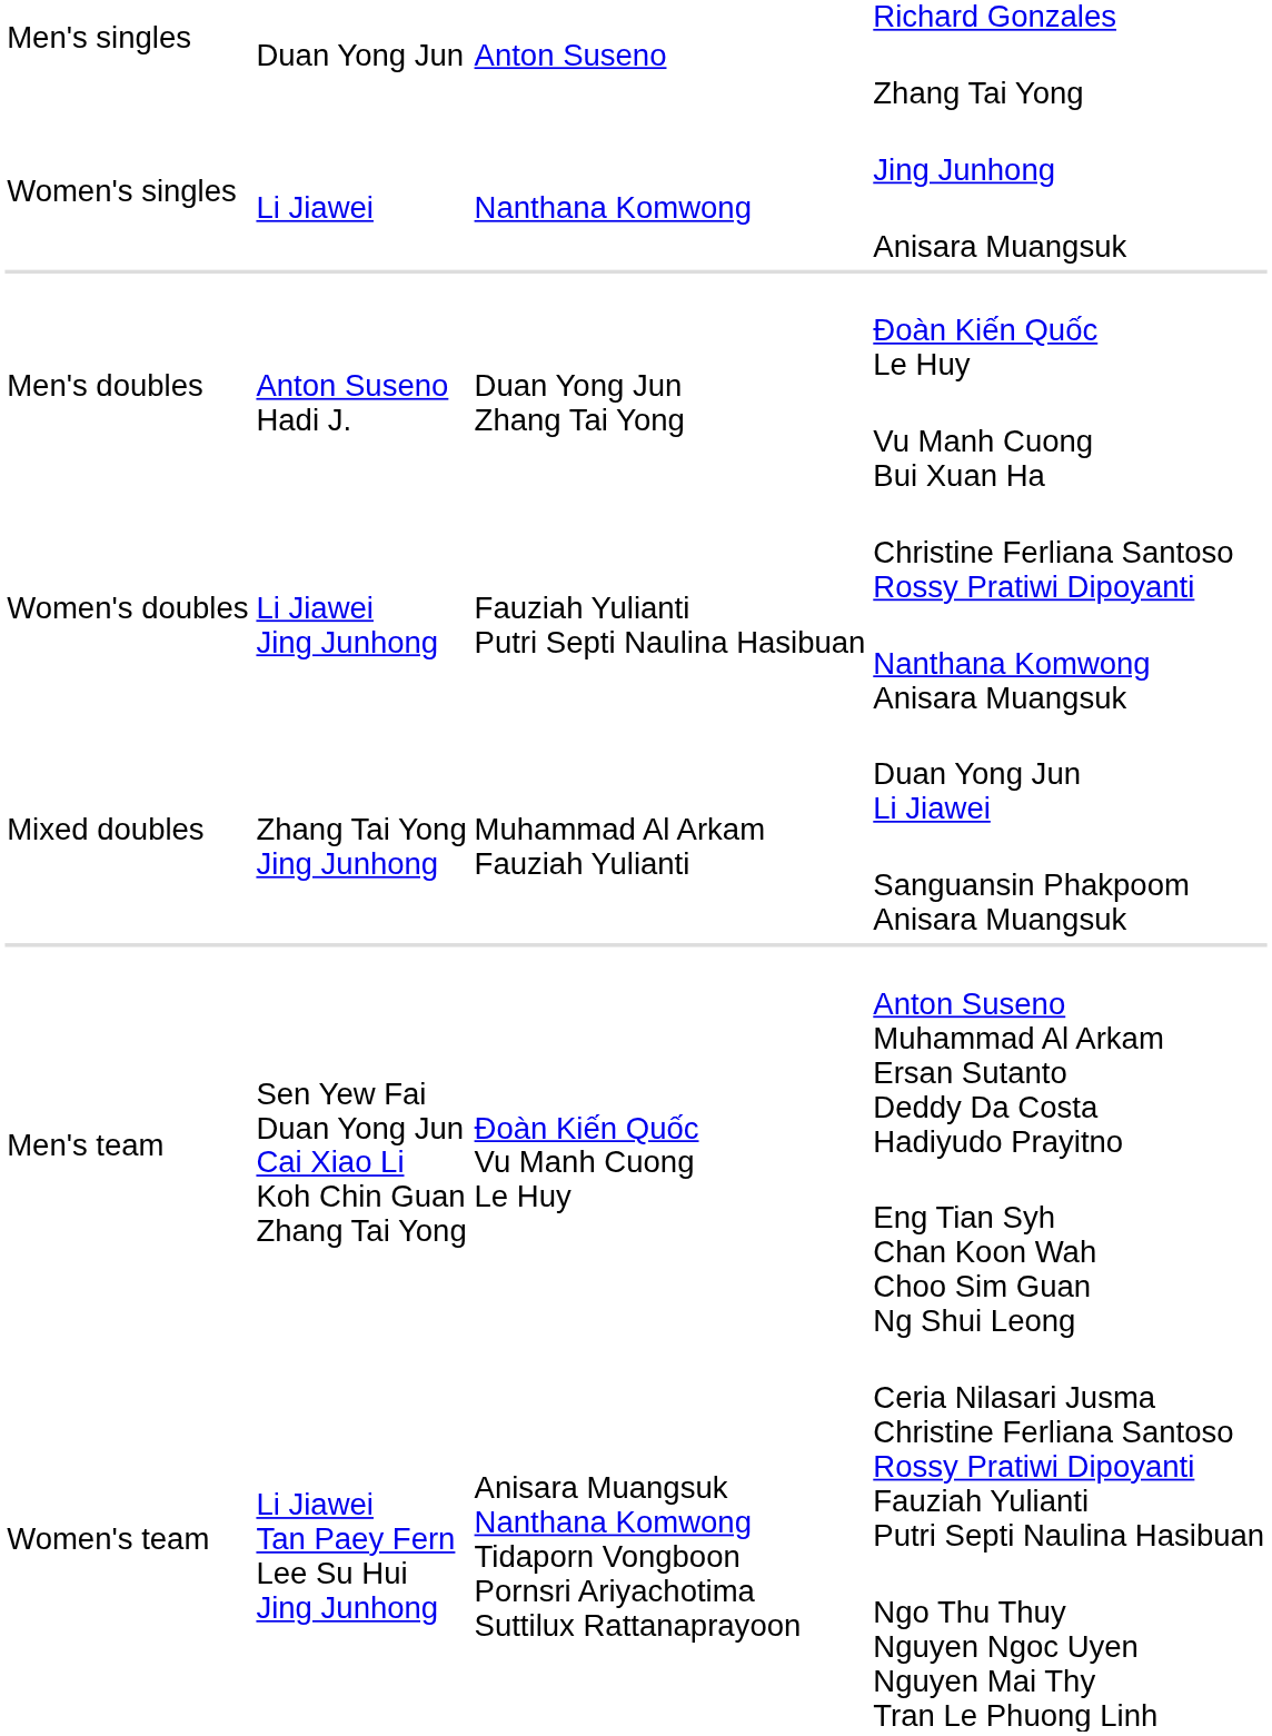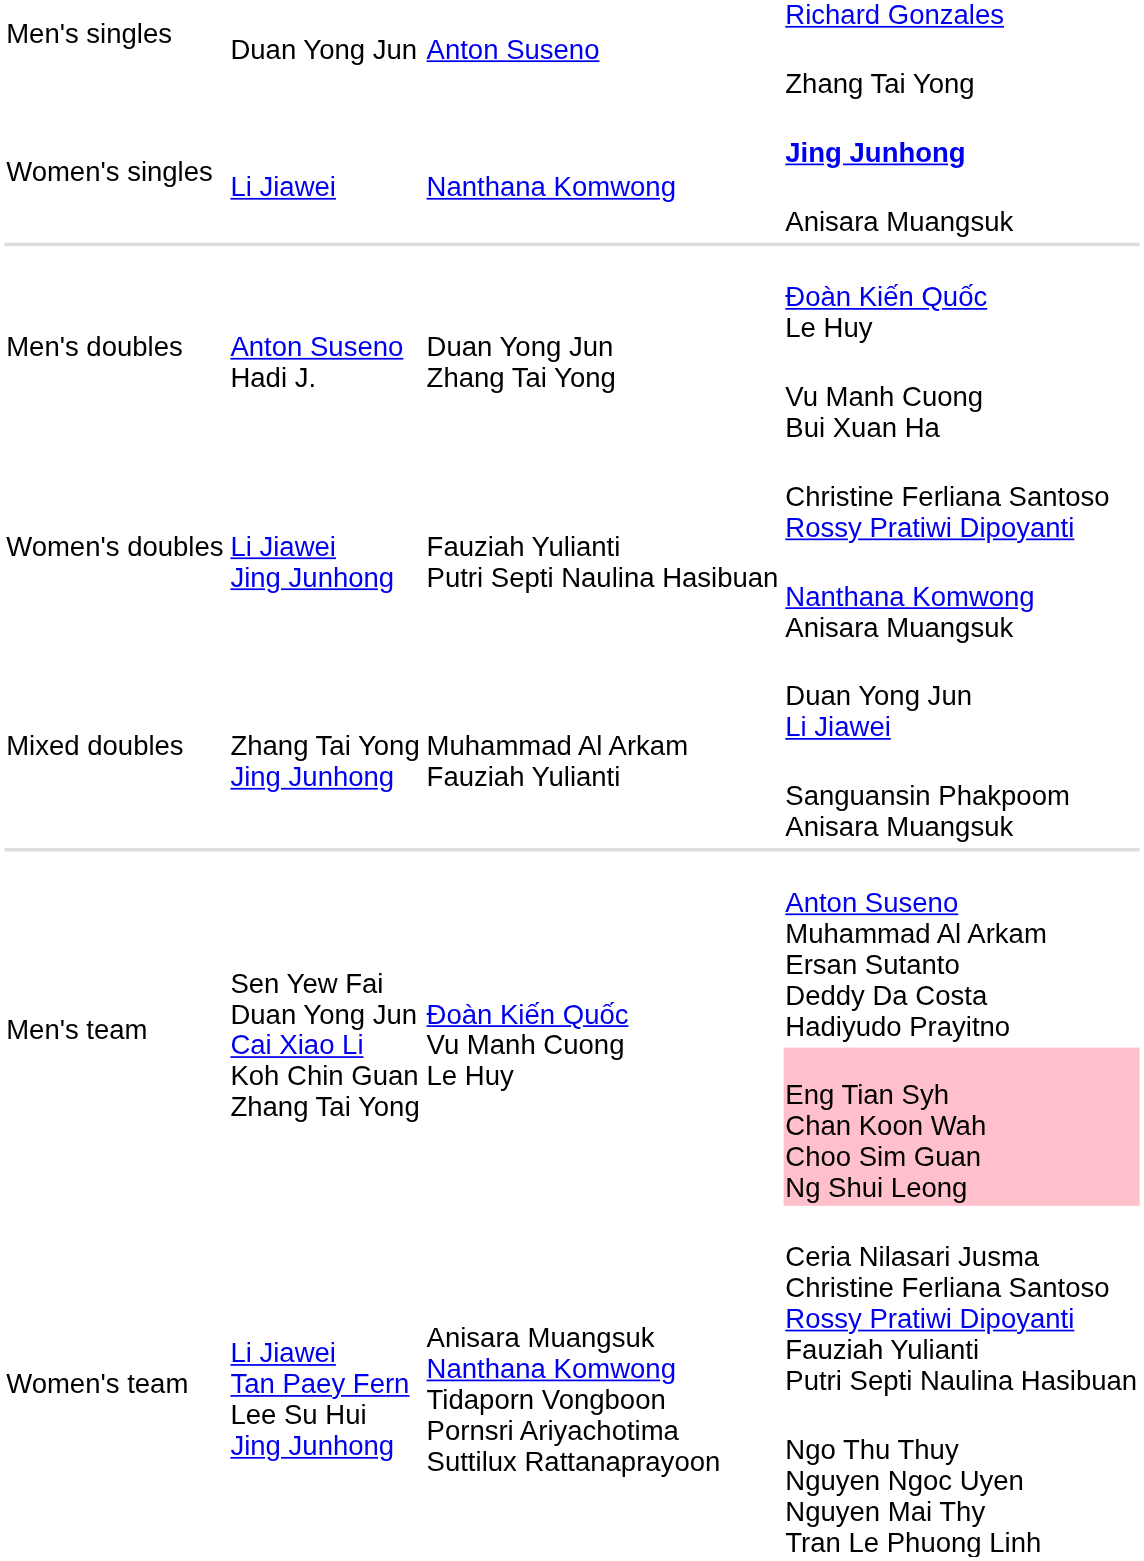 <table>
 <tr>
 <td rowspan=2>Men's singles</td>
 <td rowspan=2> <br> Duan Yong Jun</td>
 <td rowspan=2> <br> <a href='#'>Anton Suseno</a></td>
 <td> <br> <a href='#'>Richard Gonzales</a></td>
 </tr>
 <tr>
 <td> <br> Zhang Tai Yong</td>
 </tr>
 <tr>
 <td rowspan=2>Women's singles</td>
 <td rowspan=2> <br> <a href='#'>Li Jiawei</a></td>
 <td rowspan=2> <br> <a href='#'>Nanthana Komwong</a></td>
-<td> <br> <a href='#'>Jing Junhong</a></td>
+<td><strong> <br> <a href='#'>Jing Junhong</a></strong></td>
 </tr>
 <tr>
 <td> <br> Anisara Muangsuk</td>
 </tr>
 <tr bgcolor=#dddddd>
 <td colspan="4"></td>
 </tr>
 <tr>
 <td rowspan=2>Men's doubles</td>
 <td rowspan=2><br><a href='#'>Anton Suseno</a><br>Hadi J.</td>
 <td rowspan=2><br>Duan Yong Jun<br>Zhang Tai Yong</td>
 <td><br><a href='#'>Đoàn Kiến Quốc</a><br>Le Huy</td>
 </tr>
 <tr>
 <td><br>Vu Manh Cuong<br>Bui Xuan Ha</td>
 </tr>
 <tr>
 <td rowspan=2>Women's doubles</td>
 <td rowspan=2><br><a href='#'>Li Jiawei</a><br><a href='#'>Jing Junhong</a></td>
 <td rowspan=2><br>Fauziah Yulianti<br>Putri Septi Naulina Hasibuan</td>
 <td><br>Christine Ferliana Santoso<br><a href='#'>Rossy Pratiwi Dipoyanti</a></td>
 </tr>
 <tr>
 <td><br><a href='#'>Nanthana Komwong</a><br>Anisara Muangsuk</td>
 </tr>
 <tr>
 <td rowspan=2>Mixed doubles</td>
 <td rowspan=2><br>Zhang Tai Yong<br><a href='#'>Jing Junhong</a></td>
 <td rowspan=2><br>Muhammad Al Arkam<br>Fauziah Yulianti</td>
 <td><br>Duan Yong Jun<br><a href='#'>Li Jiawei</a></td>
 </tr>
 <tr>
 <td><br>Sanguansin Phakpoom<br>Anisara Muangsuk</td>
 </tr>
 <tr bgcolor=#dddddd>
 <td colspan="4"></td>
 </tr>
 <tr>
 <td rowspan=2>Men's team</td>
 <td rowspan=2><br>Sen Yew Fai<br>Duan Yong Jun<br><a href='#'>Cai Xiao Li</a><br>Koh Chin Guan<br>Zhang Tai Yong</td>
 <td rowspan=2><br><a href='#'>Đoàn Kiến Quốc</a><br>Vu Manh Cuong<br>Le Huy</td>
 <td><br><a href='#'>Anton Suseno</a><br>Muhammad Al Arkam<br>Ersan Sutanto<br>Deddy Da Costa<br>Hadiyudo Prayitno</td>
 </tr>
 <tr>
-<td><br>Eng Tian Syh<br>Chan Koon Wah<br>Choo Sim Guan<br>Ng Shui Leong</td>
+<td style="background: pink;"><br>Eng Tian Syh<br>Chan Koon Wah<br>Choo Sim Guan<br>Ng Shui Leong</td>
 </tr>
 <tr>
 <td rowspan=2>Women's team</td>
 <td rowspan=2><br><a href='#'>Li Jiawei</a><br><a href='#'>Tan Paey Fern</a><br>Lee Su Hui<br><a href='#'>Jing Junhong</a></td>
 <td rowspan=2><br>Anisara Muangsuk<br><a href='#'>Nanthana Komwong</a><br>Tidaporn Vongboon<br>Pornsri Ariyachotima<br>Suttilux Rattanaprayoon</td>
 <td><br>Ceria Nilasari Jusma<br>Christine Ferliana Santoso<br><a href='#'>Rossy Pratiwi Dipoyanti</a><br>Fauziah Yulianti<br>Putri Septi Naulina Hasibuan</td>
 </tr>
 <tr>
 <td><br>Ngo Thu Thuy<br>Nguyen Ngoc Uyen<br>Nguyen Mai Thy<br>Tran Le Phuong Linh</td>
 </tr>
 </table>
